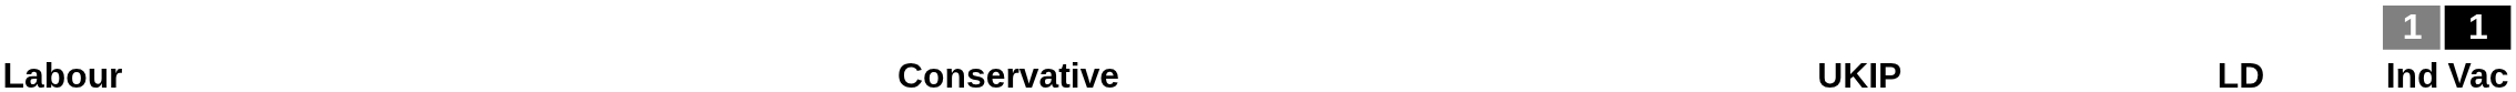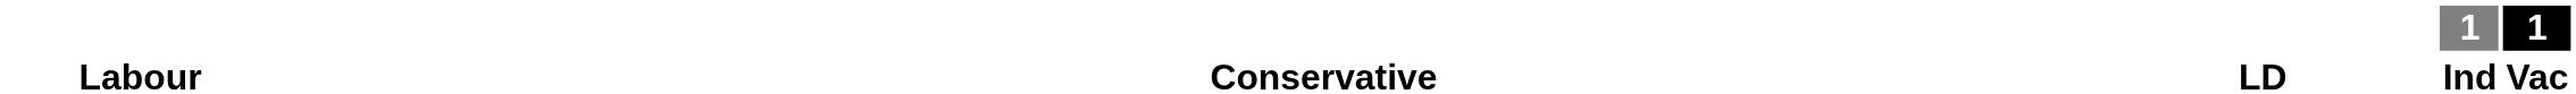 <table style="width:100%; text-align:center;">
 <tr style="color:white;">
 <td style="background-color:"><strong>22</strong></td>
 <td style="background-color:"><strong>11</strong></td>
-<td style="background-color:"><strong>5</strong></td>
 <td style="background-color:"><strong>1</strong></td>
 <td style="background-color:gray; width:2%;"><strong>1</strong></td>
 <td style="background-color:black; width:2%;"><strong>1</strong></td>
 </tr>
 <tr>
 <td><span><strong>Labour</strong></span></td>
 <td><span><strong>Conservative</strong></span></td>
-<td><span><strong>UKIP</strong></span></td>
 <td><span><strong>LD</strong></span></td>
 <td><span><strong>Ind</strong></span></td>
 <td><span><strong>Vac</strong></span></td>
 </tr>
 </table>
